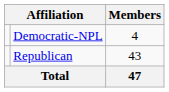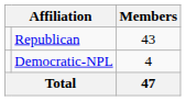 <table class="wikitable">
 <tr>
 <th colspan="2" align="center" valign="bottom">Affiliation</th>
 <th valign="bottom">Members</th>
 </tr>
 <tr>
 <td style="background-color:"></td>
-<td><a href='#'>Democratic-NPL</a></td>
-<td align="center">4</td>
+<td><a href='#'>Republican</a></td>
+<td align="center">43</td>
 </tr>
 <tr>
 <td style="background-color:"></td>
-<td><a href='#'>Republican</a></td>
-<td align="center">43</td>
+<td><a href='#'>Democratic-NPL</a></td>
+<td align="center">4</td>
 </tr>
 <tr>
 <th colspan="2" align="center"><strong>Total</strong></th>
 <th align="center"><strong>47</strong></th>
 </tr>
 </table>
